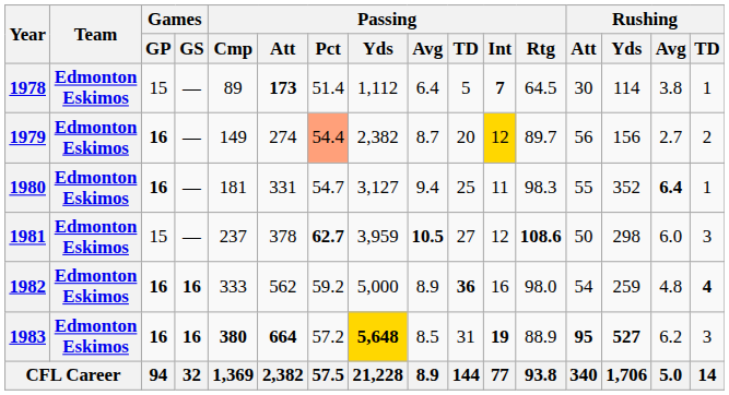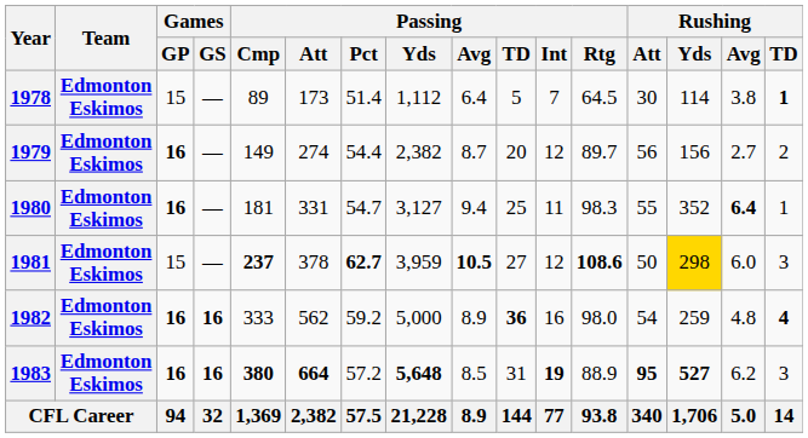 <table class="wikitable" style="text-align:center;">
 <tr>
 <th rowspan="2">Year</th>
 <th rowspan="2">Team</th>
 <th colspan="2">Games</th>
 <th colspan="8">Passing</th>
 <th colspan="4">Rushing</th>
 </tr>
 <tr>
 <th>GP</th>
 <th>GS</th>
 <th>Cmp</th>
 <th>Att</th>
 <th>Pct</th>
 <th>Yds</th>
 <th>Avg</th>
 <th>TD</th>
 <th>Int</th>
 <th>Rtg</th>
 <th>Att</th>
 <th>Yds</th>
 <th>Avg</th>
 <th>TD</th>
 </tr>
 <tr>
 <th><a href='#'>1978</a></th>
 <th><a href='#'>Edmonton Eskimos</a></th>
 <td>15</td>
 <td>—</td>
 <td>89</td>
-<td><strong>173</strong></td>
+<td>173</td>
 <td>51.4</td>
 <td>1,112</td>
 <td>6.4</td>
 <td>5</td>
-<td><strong>7</strong></td>
+<td>7</td>
 <td>64.5</td>
 <td>30</td>
 <td>114</td>
 <td>3.8</td>
-<td>1</td>
+<td><strong>1</strong></td>
 </tr>
 <tr>
 <th><a href='#'>1979</a></th>
 <th><a href='#'>Edmonton Eskimos</a></th>
 <td><strong>16</strong></td>
 <td>—</td>
 <td>149</td>
 <td>274</td>
-<td style="background: lightsalmon;">54.4</td>
+<td>54.4</td>
 <td>2,382</td>
 <td>8.7</td>
 <td>20</td>
-<td style="background: gold;">12</td>
+<td>12</td>
 <td>89.7</td>
 <td>56</td>
 <td>156</td>
 <td>2.7</td>
 <td>2</td>
 </tr>
 <tr>
 <th><a href='#'>1980</a></th>
 <th><a href='#'>Edmonton Eskimos</a></th>
 <td><strong>16</strong></td>
 <td>—</td>
 <td>181</td>
 <td>331</td>
 <td>54.7</td>
 <td>3,127</td>
 <td>9.4</td>
 <td>25</td>
 <td>11</td>
 <td>98.3</td>
 <td>55</td>
 <td>352</td>
 <td><strong>6.4</strong></td>
 <td>1</td>
 </tr>
 <tr>
 <th><a href='#'>1981</a></th>
 <th><a href='#'>Edmonton Eskimos</a></th>
 <td>15</td>
 <td>—</td>
-<td>237</td>
+<td><strong>237</strong></td>
 <td>378</td>
 <td><strong>62.7</strong></td>
 <td>3,959</td>
 <td><strong>10.5</strong></td>
 <td>27</td>
 <td>12</td>
 <td><strong>108.6</strong></td>
 <td>50</td>
-<td>298</td>
+<td style="background: gold;">298</td>
 <td>6.0</td>
 <td>3</td>
 </tr>
 <tr>
 <th><a href='#'>1982</a></th>
 <th><a href='#'>Edmonton Eskimos</a></th>
 <td><strong>16</strong></td>
 <td><strong>16</strong></td>
 <td>333</td>
 <td>562</td>
 <td>59.2</td>
 <td>5,000</td>
 <td>8.9</td>
 <td><strong>36</strong></td>
 <td>16</td>
 <td>98.0</td>
 <td>54</td>
 <td>259</td>
 <td>4.8</td>
 <td><strong>4</strong></td>
 </tr>
 <tr>
 <th><a href='#'>1983</a></th>
 <th><a href='#'>Edmonton Eskimos</a></th>
 <td><strong>16</strong></td>
 <td><strong>16</strong></td>
 <td><strong>380</strong></td>
 <td><strong>664</strong></td>
 <td>57.2</td>
-<td style="background: gold;"><strong>5,648</strong></td>
+<td><strong>5,648</strong></td>
 <td>8.5</td>
 <td>31</td>
 <td><strong>19</strong></td>
 <td>88.9</td>
 <td><strong>95</strong></td>
 <td><strong>527</strong></td>
 <td>6.2</td>
 <td>3</td>
 </tr>
 <tr>
 <th colspan="2">CFL Career</th>
 <th>94</th>
 <th>32</th>
 <th>1,369</th>
 <th>2,382</th>
 <th>57.5</th>
 <th>21,228</th>
 <th>8.9</th>
 <th>144</th>
 <th>77</th>
 <th>93.8</th>
 <th>340</th>
 <th>1,706</th>
 <th>5.0</th>
 <th>14</th>
 </tr>
 </table>
